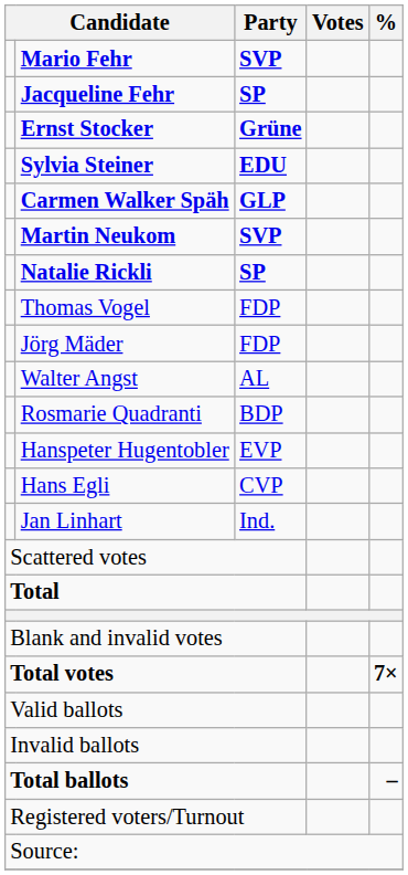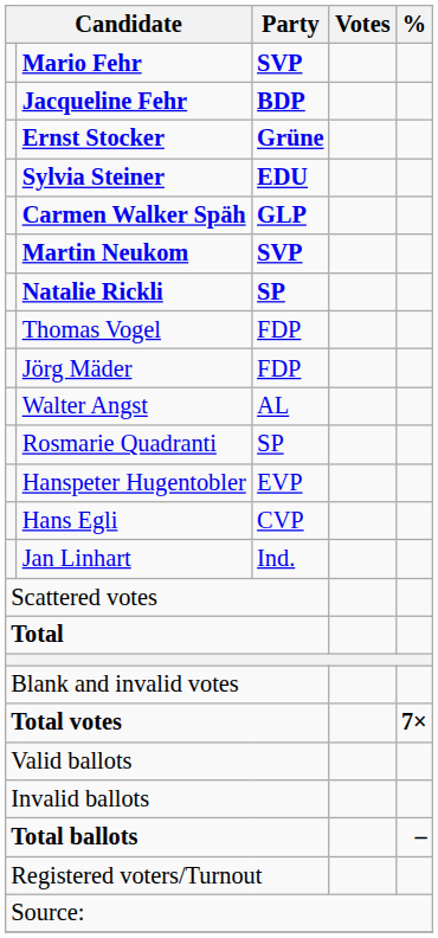 <table class="wikitable" style="text-align:right;">
 <tr>
 <th colspan="2">Candidate</th>
 <th>Party</th>
 <th>Votes</th>
 <th>%</th>
 </tr>
 <tr style="font-weight:bold;">
 <td style="background-color:"></td>
 <td style="text-align:left;"><a href='#'>Mario Fehr</a></td>
 <td style="text-align:left;"><a href='#'>SVP</a></td>
 <td></td>
 <td></td>
 </tr>
 <tr style="font-weight:bold;">
 <td style="background-color:"></td>
 <td style="text-align:left;"><a href='#'>Jacqueline Fehr</a></td>
-<td style="text-align:left;"><a href='#'>SP</a></td>
+<td style="text-align:left;"><a href='#'>BDP</a></td>
 <td></td>
 <td></td>
 </tr>
 <tr style="font-weight:bold;">
 <td style="background-color:"></td>
 <td style="text-align:left;"><a href='#'>Ernst Stocker</a></td>
 <td style="text-align:left;"><a href='#'>Grüne</a></td>
 <td></td>
 <td></td>
 </tr>
 <tr style="font-weight:bold;">
 <td style="background-color:"></td>
 <td style="text-align:left;"><a href='#'>Sylvia Steiner</a></td>
 <td style="text-align:left;"><a href='#'>EDU</a></td>
 <td></td>
 <td></td>
 </tr>
 <tr style="font-weight:bold;">
 <td style="background-color:"></td>
 <td style="text-align:left;"><a href='#'>Carmen Walker Späh</a></td>
 <td style="text-align:left;"><a href='#'>GLP</a></td>
 <td></td>
 <td></td>
 </tr>
 <tr style="font-weight:bold;">
 <td style="background-color:"></td>
 <td style="text-align:left;"><a href='#'>Martin Neukom</a></td>
 <td style="text-align:left;"><a href='#'>SVP</a></td>
 <td></td>
 <td></td>
 </tr>
 <tr style="font-weight:bold;">
 <td style="background-color:"></td>
 <td style="text-align:left;"><a href='#'>Natalie Rickli</a></td>
 <td style="text-align:left;"><a href='#'>SP</a></td>
 <td></td>
 <td></td>
 </tr>
 <tr>
 <td style="background-color:"></td>
 <td style="text-align:left;"><a href='#'>Thomas Vogel</a></td>
 <td style="text-align:left;"><a href='#'>FDP</a></td>
 <td></td>
 <td></td>
 </tr>
 <tr>
 <td style="background-color:"></td>
 <td style="text-align:left;"><a href='#'>Jörg Mäder</a></td>
 <td style="text-align:left;"><a href='#'>FDP</a></td>
 <td></td>
 <td></td>
 </tr>
 <tr>
 <td style="background-color:"></td>
 <td style="text-align:left;"><a href='#'>Walter Angst</a></td>
 <td style="text-align:left;"><a href='#'>AL</a></td>
 <td></td>
 <td></td>
 </tr>
 <tr>
 <td style="background-color:"></td>
 <td style="text-align:left;"><a href='#'>Rosmarie Quadranti</a></td>
-<td style="text-align:left;"><a href='#'>BDP</a></td>
+<td style="text-align:left;"><a href='#'>SP</a></td>
 <td></td>
 <td></td>
 </tr>
 <tr>
 <td style="background-color:"></td>
 <td style="text-align:left;"><a href='#'>Hanspeter Hugentobler</a></td>
 <td style="text-align:left;"><a href='#'>EVP</a></td>
 <td></td>
 <td></td>
 </tr>
 <tr>
 <td style="background-color:"></td>
 <td style="text-align:left;"><a href='#'>Hans Egli</a></td>
 <td style="text-align:left;"><a href='#'>CVP</a></td>
 <td></td>
 <td></td>
 </tr>
 <tr>
 <td style="background-color:"></td>
 <td style="text-align:left;"><a href='#'>Jan Linhart</a></td>
 <td style="text-align:left;"><a href='#'>Ind.</a></td>
 <td></td>
 <td></td>
 </tr>
 <tr>
 <td colspan="3" style="text-align:left;">Scattered votes</td>
 <td></td>
 <td></td>
 </tr>
 <tr style="font-weight:bold;">
 <td colspan="3" style="text-align:left;">Total</td>
 <td></td>
 <td></td>
 </tr>
 <tr>
 <th colspan="10"></th>
 </tr>
 <tr>
 <td colspan="3" style="text-align:left;">Blank and invalid votes</td>
 <td></td>
 <td></td>
 </tr>
 <tr style="font-weight:bold;">
 <td colspan="3" style="text-align:left;">Total votes</td>
 <td></td>
 <td>7×</td>
 </tr>
 <tr>
 <td colspan="3" style="text-align:left;">Valid ballots</td>
 <td></td>
 <td></td>
 </tr>
 <tr>
 <td colspan="3" style="text-align:left;">Invalid ballots</td>
 <td></td>
 <td></td>
 </tr>
 <tr style="font-weight:bold;">
 <td colspan="3" style="text-align:left;">Total ballots</td>
 <td></td>
 <td>–</td>
 </tr>
 <tr>
 <td colspan="3" style="text-align:left;">Registered voters/Turnout</td>
 <td></td>
 <td></td>
 </tr>
 <tr>
 <td colspan="10" style="text-align:left;">Source: </td>
 </tr>
 <tr>
 </tr>
 </table>
